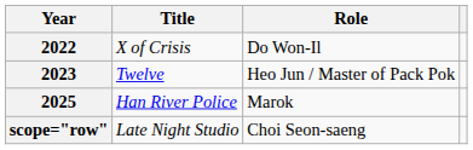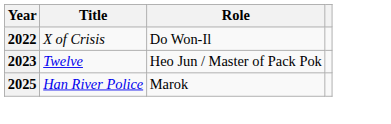 <table class="wikitable plainrowheaders">
 <tr>
 <th scope="col">Year</th>
 <th scope="col">Title</th>
 <th scope="col">Role</th>
 <th scope="col" class="unsortable"></th>
 </tr>
 <tr>
 <th scope="row">2022</th>
 <td><em>X of Crisis</em></td>
 <td>Do Won-Il</td>
 <td style="text-align:center"></td>
 </tr>
 <tr>
 <th scope="row">2023</th>
 <td><em><a href='#'>Twelve</a></em></td>
 <td>Heo Jun / Master of Pack Pok</td>
 <td style="text-align:center"></td>
 </tr>
 <tr>
 <th scope="row">2025</th>
 <td><em><a href='#'>Han River Police</a></em></td>
 <td>Marok</td>
 <td style="text-align:center"></td>
 </tr>
-<tr>
-<th>scope="row" </th>
-<td><em>Late Night Studio</em></td>
-<td>Choi Seon-saeng</td>
-<td style="text-align:center"></td>
-</tr>
 </table>
